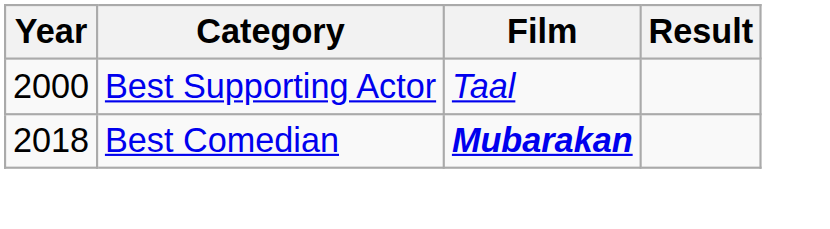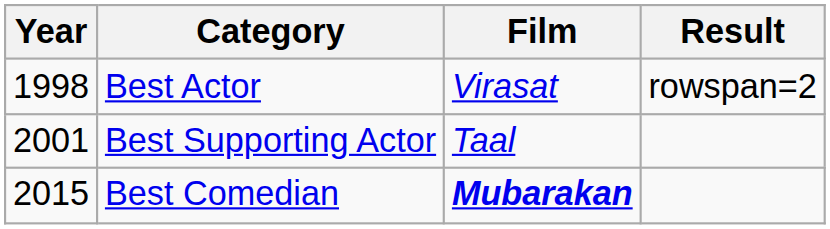 <table class="wikitable sortable">
 <tr>
 <th>Year</th>
 <th>Category</th>
 <th>Film</th>
 <th>Result</th>
 </tr>
 <tr>
-<td>2000</td>
+<td>1998</td>
+<td><a href='#'>Best Actor</a></td>
+<td><em><a href='#'>Virasat</a></em></td>
+<td>rowspan=2 </td>
+</tr>
+<tr>
+<td>2001</td>
 <td><a href='#'>Best Supporting Actor</a></td>
 <td><em><a href='#'>Taal</a></em></td>
 </tr>
 <tr>
-<td>2018</td>
+<td>2015</td>
 <td><a href='#'>Best Comedian</a></td>
 <td><strong><em><a href='#'>Mubarakan</a></em></strong></td>
 <td></td>
 </tr>
 </table>
